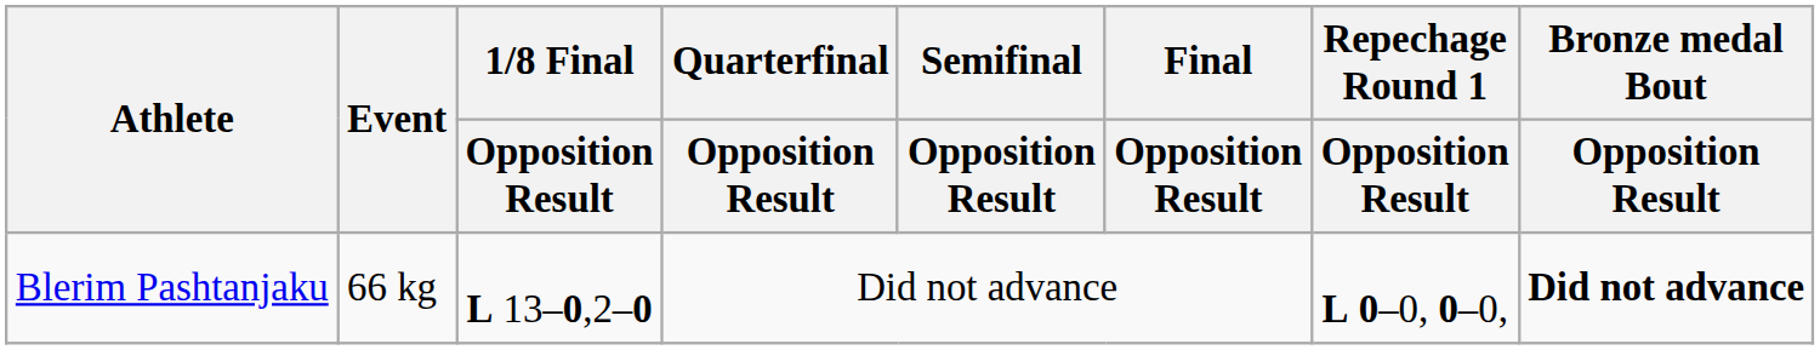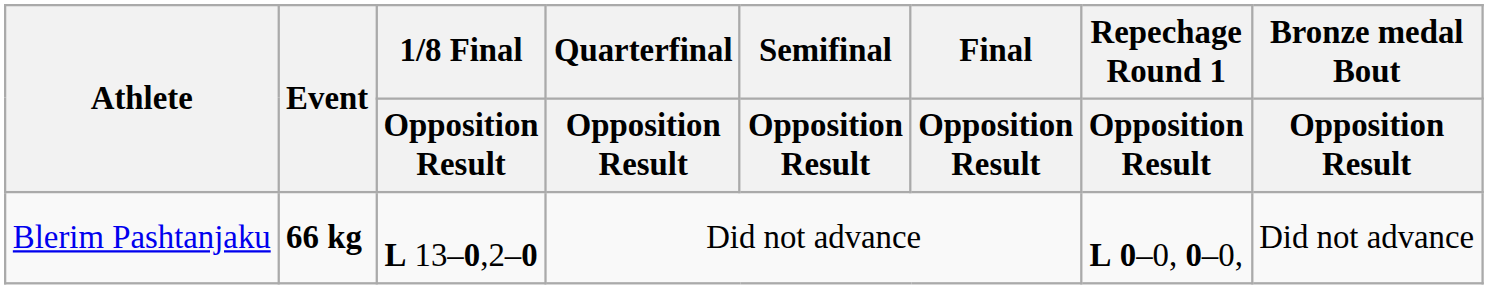 <table class=wikitable style=font-size:90%>
 <tr>
 <th rowspan=2>Athlete</th>
 <th rowspan=2>Event</th>
 <th>1/8 Final</th>
 <th>Quarterfinal</th>
 <th>Semifinal</th>
 <th>Final</th>
 <th>Repechage<br>Round 1</th>
 <th>Bronze medal<br>Bout</th>
 </tr>
 <tr>
 <th>Opposition<br>Result</th>
 <th>Opposition<br>Result</th>
 <th>Opposition<br>Result</th>
 <th>Opposition<br>Result</th>
 <th>Opposition<br>Result</th>
 <th>Opposition<br>Result</th>
 </tr>
 <tr>
 <td><a href='#'>Blerim Pashtanjaku</a></td>
-<td>66 kg</td>
+<td><strong>66 kg</strong></td>
 <td align=center><br><strong>L</strong> 13–<strong>0</strong>,2–<strong>0</strong></td>
 <td colspan=3  align=center>Did not advance</td>
 <td align=center><br><strong>L</strong> <strong>0</strong>–0, <strong>0</strong>–0,</td>
-<td align=center><strong>Did not advance</strong></td>
+<td align=center>Did not advance</td>
 </tr>
 </table>
